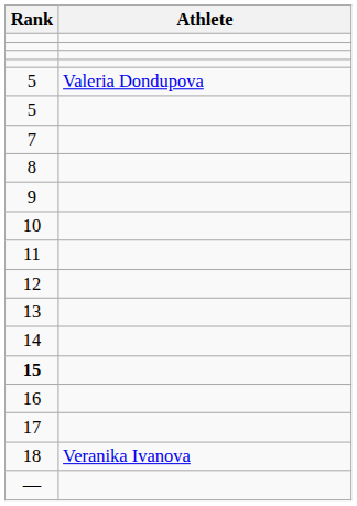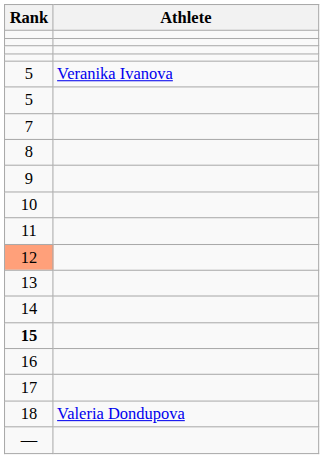 <table class="wikitable" style="text-align: center;">
 <tr>
 <th width=40>Rank</th>
 <th width=250>Athlete</th>
 </tr>
 <tr>
 <td></td>
 <td align="left"></td>
 </tr>
 <tr>
 <td></td>
 <td align="left"></td>
 </tr>
 <tr>
 <td></td>
 <td align="left"></td>
 </tr>
 <tr>
 <td></td>
 <td align="left"></td>
 </tr>
 <tr>
 <td>5</td>
-<td align="left"> <a href='#'>Valeria Dondupova</a> </td>
+<td align="left"> <a href='#'>Veranika Ivanova</a> </td>
 </tr>
 <tr>
 <td>5</td>
 <td align="left"></td>
 </tr>
 <tr>
 <td>7</td>
 <td align="left"></td>
 </tr>
 <tr>
 <td>8</td>
 <td align="left"></td>
 </tr>
 <tr>
 <td>9</td>
 <td align="left"></td>
 </tr>
 <tr>
 <td>10</td>
 <td align="left"></td>
 </tr>
 <tr>
 <td>11</td>
 <td align="left"></td>
 </tr>
 <tr>
-<td>12</td>
+<td style="background: lightsalmon;">12</td>
 <td align="left"></td>
 </tr>
 <tr>
 <td>13</td>
 <td align="left"></td>
 </tr>
 <tr>
 <td>14</td>
 <td align="left"></td>
 </tr>
 <tr>
 <td><strong>15</strong></td>
 <td align="left"></td>
 </tr>
 <tr>
 <td>16</td>
 <td align="left"></td>
 </tr>
 <tr>
 <td>17</td>
 <td align="left"></td>
 </tr>
 <tr>
 <td>18</td>
-<td align="left"> <a href='#'>Veranika Ivanova</a> </td>
+<td align="left"> <a href='#'>Valeria Dondupova</a> </td>
 </tr>
 <tr>
 <td>—</td>
 <td align="left"></td>
 </tr>
 </table>
